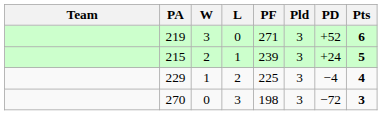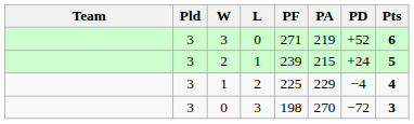 <table class=wikitable style="text-align:center">
 <tr>
 <th width=180>Team</th>
-<th width=30>PA</th>
+<th width=30>Pld</th>
 <th width=30>W</th>
 <th width=30>L</th>
 <th width=30>PF</th>
-<th width=30>Pld</th>
+<th width=30>PA</th>
 <th width=30>PD</th>
 <th width=30>Pts</th>
 </tr>
 <tr bgcolor="#ccffcc">
 <td align="left"></td>
-<td>219</td>
+<td>3</td>
 <td>3</td>
 <td>0</td>
 <td>271</td>
-<td>3</td>
+<td>219</td>
 <td>+52</td>
 <td><strong>6</strong></td>
 </tr>
 <tr bgcolor="#ccffcc">
 <td align="left"></td>
-<td>215</td>
+<td>3</td>
 <td>2</td>
 <td>1</td>
 <td>239</td>
-<td>3</td>
+<td>215</td>
 <td>+24</td>
 <td><strong>5</strong></td>
 </tr>
 <tr>
 <td align="left"></td>
-<td>229</td>
+<td>3</td>
 <td>1</td>
 <td>2</td>
 <td>225</td>
-<td>3</td>
+<td>229</td>
 <td>−4</td>
 <td><strong>4</strong></td>
 </tr>
 <tr>
 <td align="left"></td>
-<td>270</td>
+<td>3</td>
 <td>0</td>
 <td>3</td>
 <td>198</td>
-<td>3</td>
+<td>270</td>
 <td>−72</td>
 <td><strong>3</strong></td>
 </tr>
 </table>
